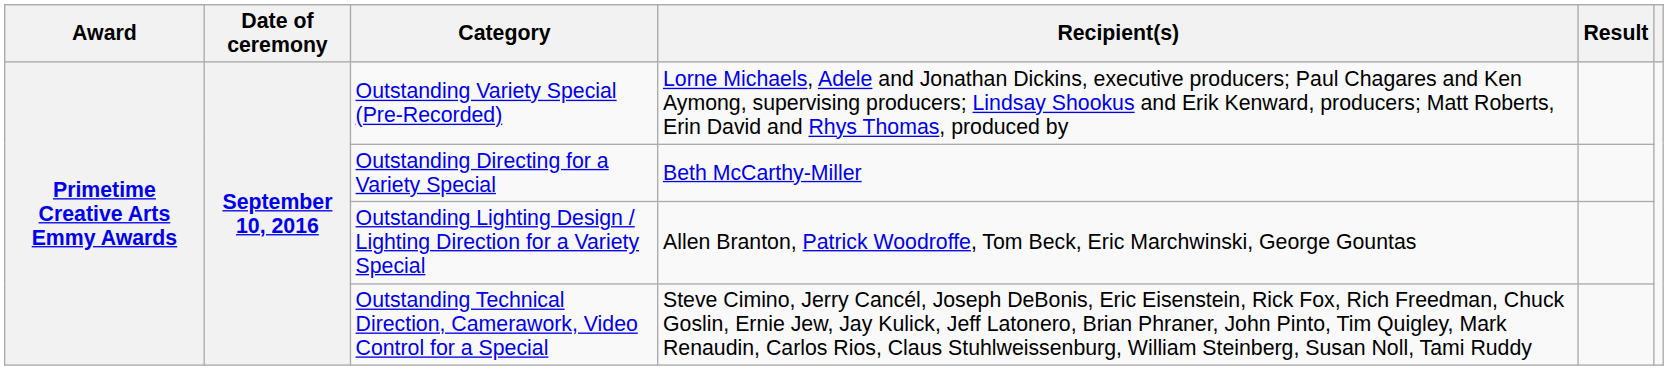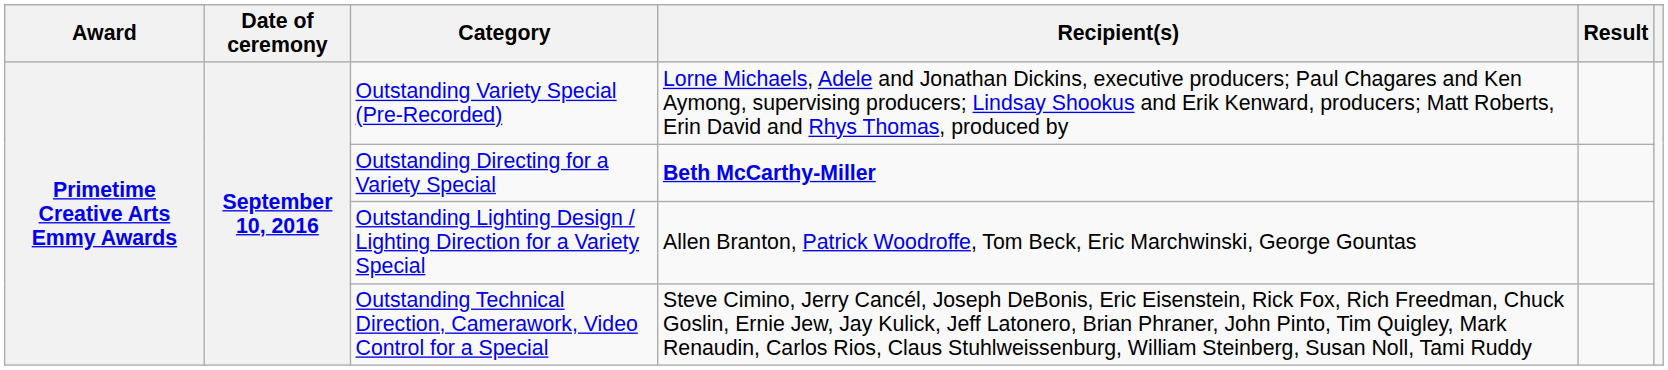 <table class="wikitable plainrowheaders sortable">
 <tr style="background:#ccc; text-align:center;">
 <th scope="col"><strong>Award</strong></th>
 <th scope="col">Date of ceremony</th>
 <th scope="col">Category</th>
 <th scope="col">Recipient(s)</th>
 <th scope="col">Result</th>
 <th scope="col" class="unsortable"></th>
 </tr>
 <tr>
 <th scope="row" rowspan="5"><a href='#'>Primetime Creative Arts Emmy Awards</a></th>
 <th scope="row" rowspan="5"><a href='#'>September 10, 2016</a></th>
 <td><a href='#'>Outstanding Variety Special (Pre-Recorded)</a></td>
 <td><a href='#'>Lorne Michaels</a>, <a href='#'>Adele</a> and Jonathan Dickins, executive producers; Paul Chagares and Ken Aymong, supervising producers; <a href='#'>Lindsay Shookus</a> and Erik Kenward, producers; Matt Roberts, Erin David and <a href='#'>Rhys Thomas</a>, produced by</td>
 <td></td>
 <td rowspan="5" style="text-align:center;"> <br></td>
 </tr>
 <tr>
 <td><a href='#'>Outstanding Directing for a Variety Special</a></td>
-<td><a href='#'>Beth McCarthy-Miller</a></td>
+<td><strong><a href='#'>Beth McCarthy-Miller</a></strong></td>
 <td></td>
 </tr>
 <tr>
 <td><a href='#'>Outstanding Lighting Design / Lighting Direction for a Variety Special</a></td>
 <td>Allen Branton, <a href='#'>Patrick Woodroffe</a>, Tom Beck, Eric Marchwinski, George Gountas</td>
 <td></td>
 </tr>
 <tr>
 <td><a href='#'>Outstanding Technical Direction, Camerawork, Video Control for a Special</a></td>
 <td>Steve Cimino, Jerry Cancél, Joseph DeBonis, Eric Eisenstein, Rick Fox, Rich Freedman, Chuck Goslin, Ernie Jew, Jay Kulick, Jeff Latonero, Brian Phraner, John Pinto, Tim Quigley, Mark Renaudin, Carlos Rios, Claus Stuhlweissenburg, William Steinberg, Susan Noll, Tami Ruddy</td>
 <td></td>
 </tr>
 </table>
